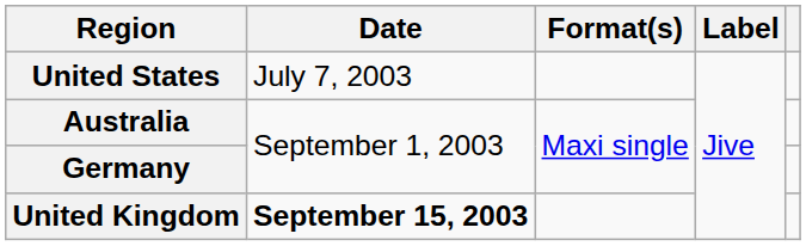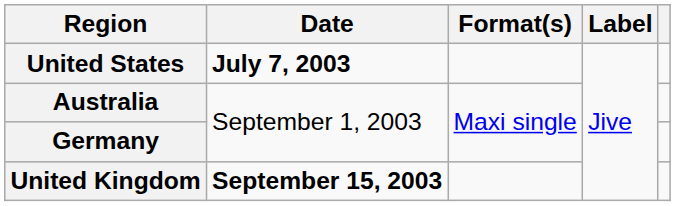 <table class="wikitable plainrowheaders">
 <tr>
 <th scope="col">Region</th>
 <th scope="col">Date</th>
 <th scope="col">Format(s)</th>
 <th scope="col">Label</th>
 <th scope="col"></th>
 </tr>
 <tr>
 <th scope="row">United States</th>
-<td>July 7, 2003</td>
+<td><strong>July 7, 2003</strong></td>
 <td></td>
 <td rowspan="4"><a href='#'>Jive</a></td>
 <td></td>
 </tr>
 <tr>
 <th scope="row">Australia</th>
 <td rowspan="2">September 1, 2003</td>
 <td rowspan="2"><a href='#'>Maxi single</a></td>
 <td></td>
 </tr>
 <tr>
 <th scope="row">Germany</th>
 <td></td>
 </tr>
 <tr>
 <th scope="row" rowspan="2">United Kingdom</th>
 <td><strong>September 15, 2003</strong></td>
 <td></td>
 <td></td>
 </tr>
 </table>
